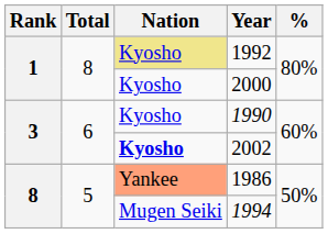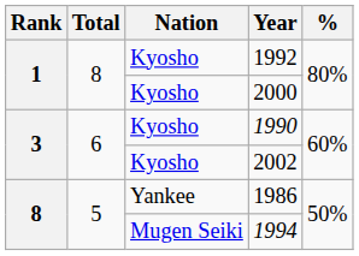 <table class="wikitable" style="font-size: 100%;">
 <tr>
 <th>Rank</th>
 <th>Total</th>
 <th>Nation</th>
 <th>Year</th>
 <th>%</th>
 </tr>
 <tr>
 <th rowspan="2">1</th>
 <td rowspan="2" align="center">8</td>
-<td style="background: khaki;"> <a href='#'>Kyosho</a></td>
+<td> <a href='#'>Kyosho</a></td>
 <td align="center">1992</td>
 <td rowspan="2" align="center">80%</td>
 </tr>
 <tr>
 <td> <a href='#'>Kyosho</a></td>
 <td align="center">2000</td>
 </tr>
 <tr>
 <th rowspan="2">3</th>
 <td rowspan="2" align="center">6</td>
 <td> <a href='#'>Kyosho</a></td>
 <td align="center"><em>1990</em></td>
 <td rowspan="2" align="center">60%</td>
 </tr>
 <tr>
-<td><strong> <a href='#'>Kyosho</a></strong></td>
+<td> <a href='#'>Kyosho</a></td>
 <td align="center">2002</td>
 </tr>
 <tr>
 <th rowspan="2">8</th>
 <td rowspan="2" align="center">5</td>
-<td style="background: lightsalmon;"> Yankee</td>
+<td> Yankee</td>
 <td align="center">1986</td>
 <td rowspan="2" align="center">50%</td>
 </tr>
 <tr>
 <td> <a href='#'>Mugen Seiki</a></td>
 <td align="center"><em>1994</em></td>
 </tr>
 </table>
